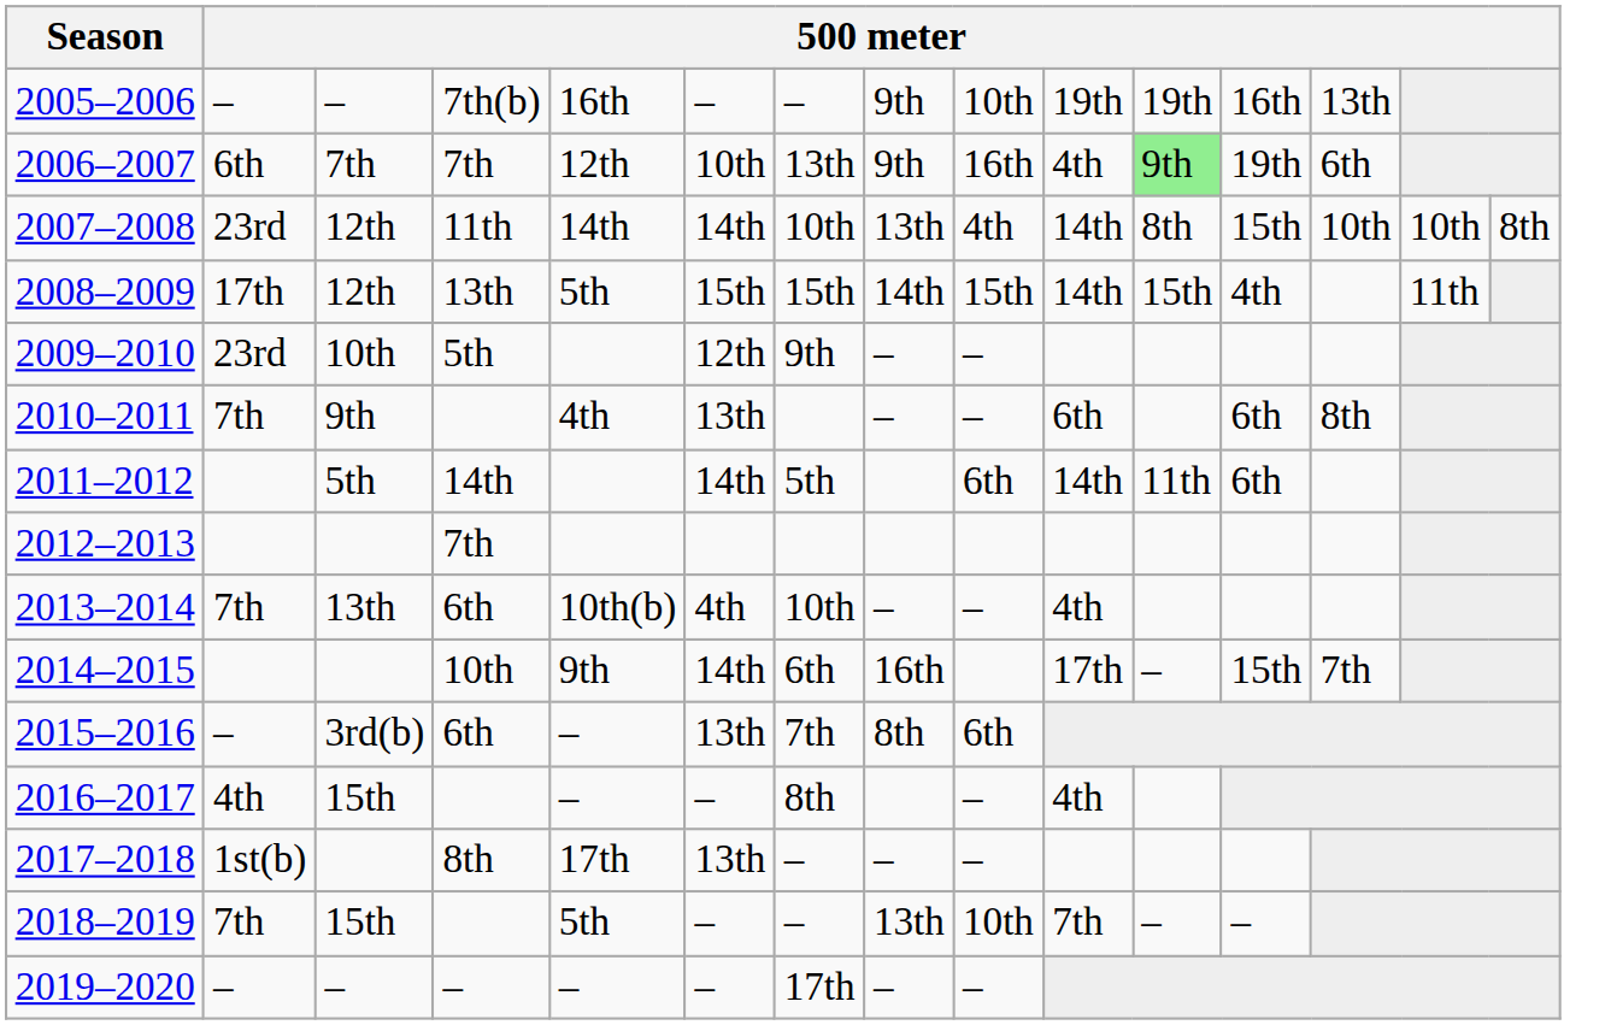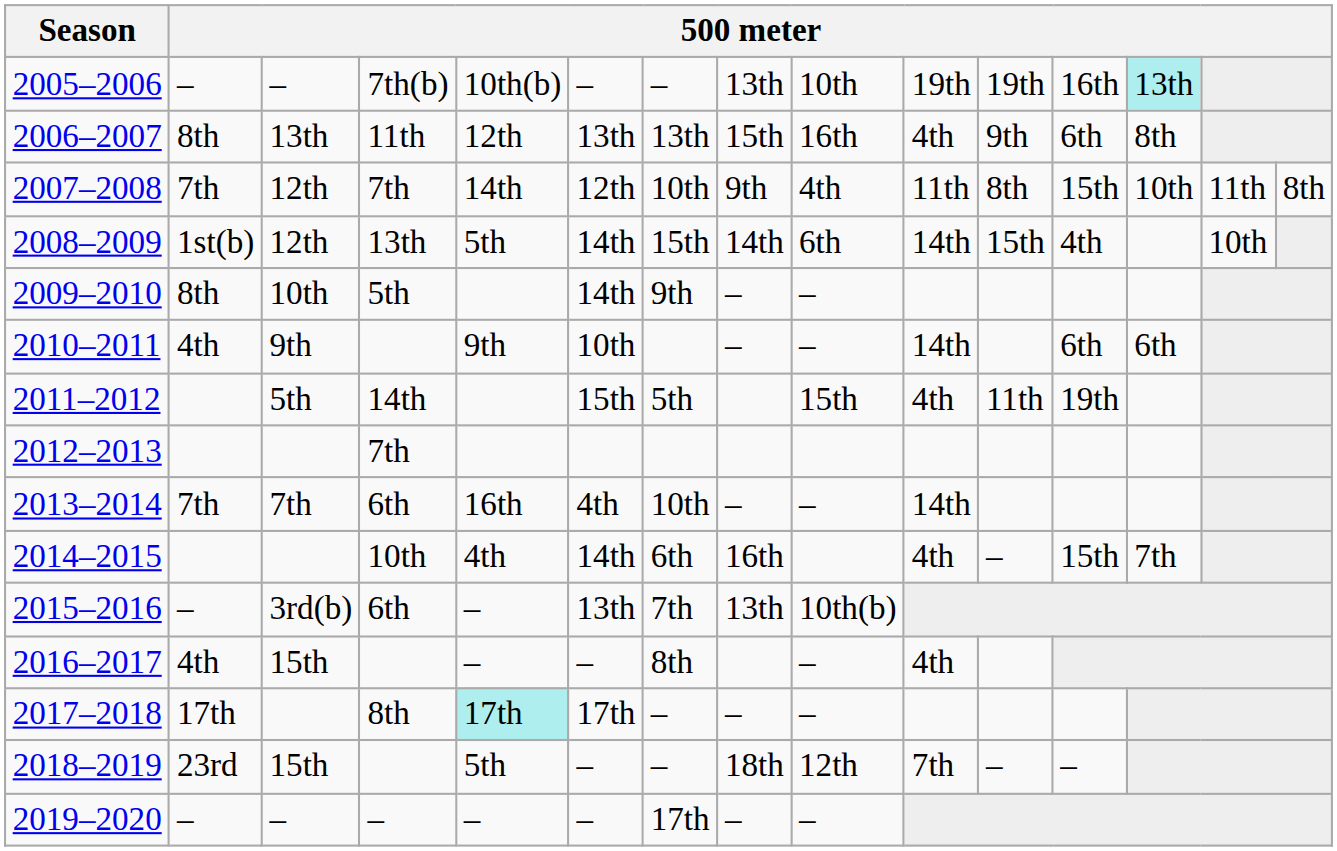 <table class="wikitable" style="display: inline-table;">
 <tr>
 <th>Season</th>
 <th colspan="14">500 meter</th>
 </tr>
 <tr>
 <td><a href='#'>2005–2006</a></td>
 <td>–</td>
 <td>–</td>
 <td>7th(b)</td>
-<td>16th</td>
+<td>10th(b)</td>
 <td>–</td>
 <td>–</td>
-<td>9th</td>
+<td>13th</td>
 <td>10th</td>
 <td>19th</td>
 <td>19th</td>
 <td>16th</td>
-<td>13th</td>
+<td style="background: paleturquoise;">13th</td>
 <td colspan="2" bgcolor=#EEEEEE></td>
 </tr>
 <tr>
 <td><a href='#'>2006–2007</a></td>
-<td>6th</td>
-<td>7th</td>
-<td>7th</td>
+<td>8th</td>
+<td>13th</td>
+<td>11th</td>
 <td>12th</td>
-<td>10th</td>
 <td>13th</td>
-<td>9th</td>
+<td>13th</td>
+<td>15th</td>
 <td>16th</td>
 <td>4th</td>
-<td style="background: lightgreen;">9th</td>
-<td>19th</td>
+<td>9th</td>
 <td>6th</td>
+<td>8th</td>
 <td colspan="2" bgcolor=#EEEEEE></td>
 </tr>
 <tr>
 <td><a href='#'>2007–2008</a></td>
-<td>23rd</td>
+<td>7th</td>
 <td>12th</td>
+<td>7th</td>
+<td>14th</td>
+<td>12th</td>
+<td>10th</td>
+<td>9th</td>
+<td>4th</td>
 <td>11th</td>
-<td>14th</td>
-<td>14th</td>
-<td>10th</td>
-<td>13th</td>
-<td>4th</td>
-<td>14th</td>
 <td>8th</td>
 <td>15th</td>
 <td>10th</td>
-<td>10th</td>
+<td>11th</td>
 <td>8th</td>
 </tr>
 <tr>
 <td><a href='#'>2008–2009</a></td>
-<td>17th</td>
+<td>1st(b)</td>
 <td>12th</td>
 <td>13th</td>
 <td>5th</td>
-<td>15th</td>
+<td>14th</td>
 <td>15th</td>
 <td>14th</td>
-<td>15th</td>
+<td>6th</td>
 <td>14th</td>
 <td>15th</td>
 <td>4th</td>
 <td></td>
-<td>11th</td>
+<td>10th</td>
 <td colspan="1" bgcolor=#EEEEEE></td>
 </tr>
 <tr>
 <td><a href='#'>2009–2010</a></td>
-<td>23rd</td>
+<td>8th</td>
 <td>10th</td>
 <td>5th</td>
 <td></td>
-<td>12th</td>
+<td>14th</td>
 <td>9th</td>
 <td>–</td>
 <td>–</td>
 <td></td>
 <td></td>
 <td></td>
 <td></td>
 <td colspan="2" bgcolor=#EEEEEE></td>
 </tr>
 <tr>
 <td><a href='#'>2010–2011</a></td>
-<td>7th</td>
+<td>4th</td>
 <td>9th</td>
 <td></td>
-<td>4th</td>
-<td>13th</td>
+<td>9th</td>
+<td>10th</td>
 <td></td>
 <td>–</td>
 <td>–</td>
-<td>6th</td>
+<td>14th</td>
 <td></td>
 <td>6th</td>
-<td>8th</td>
+<td>6th</td>
 <td colspan="2" bgcolor=#EEEEEE></td>
 </tr>
 <tr>
 <td><a href='#'>2011–2012</a></td>
 <td></td>
 <td>5th</td>
 <td>14th</td>
 <td></td>
-<td>14th</td>
+<td>15th</td>
 <td>5th</td>
 <td></td>
-<td>6th</td>
-<td>14th</td>
+<td>15th</td>
+<td>4th</td>
 <td>11th</td>
-<td>6th</td>
+<td>19th</td>
 <td></td>
 <td colspan="2" bgcolor=#EEEEEE></td>
 </tr>
 <tr>
 <td><a href='#'>2012–2013</a></td>
 <td></td>
 <td></td>
 <td>7th</td>
 <td></td>
 <td></td>
 <td></td>
 <td></td>
 <td></td>
 <td></td>
 <td></td>
 <td></td>
 <td></td>
 <td colspan="2" bgcolor=#EEEEEE></td>
 </tr>
 <tr>
 <td><a href='#'>2013–2014</a></td>
 <td>7th</td>
-<td>13th</td>
+<td>7th</td>
 <td>6th</td>
-<td>10th(b)</td>
+<td>16th</td>
 <td>4th</td>
 <td>10th</td>
 <td>–</td>
 <td>–</td>
-<td>4th</td>
+<td>14th</td>
 <td></td>
 <td></td>
 <td></td>
 <td colspan="2" bgcolor=#EEEEEE></td>
 </tr>
 <tr>
 <td><a href='#'>2014–2015</a></td>
 <td></td>
 <td></td>
 <td>10th</td>
-<td>9th</td>
+<td>4th</td>
 <td>14th</td>
 <td>6th</td>
 <td>16th</td>
 <td></td>
-<td>17th</td>
+<td>4th</td>
 <td>–</td>
 <td>15th</td>
 <td>7th</td>
 <td colspan="2" bgcolor=#EEEEEE></td>
 </tr>
 <tr>
 <td><a href='#'>2015–2016</a></td>
 <td>–</td>
 <td>3rd(b)</td>
 <td>6th</td>
 <td>–</td>
 <td>13th</td>
 <td>7th</td>
-<td>8th</td>
-<td>6th</td>
+<td>13th</td>
+<td>10th(b)</td>
 <td colspan="6" bgcolor=#EEEEEE></td>
 </tr>
 <tr>
 <td><a href='#'>2016–2017</a></td>
 <td>4th</td>
 <td>15th</td>
 <td></td>
 <td>–</td>
 <td>–</td>
 <td>8th</td>
 <td></td>
 <td>–</td>
 <td>4th</td>
 <td></td>
 <td colspan="4" bgcolor=#EEEEEE></td>
 </tr>
 <tr>
 <td><a href='#'>2017–2018</a></td>
-<td>1st(b)</td>
+<td>17th</td>
 <td></td>
 <td>8th</td>
+<td style="background: paleturquoise;">17th</td>
 <td>17th</td>
-<td>13th</td>
 <td>–</td>
 <td>–</td>
 <td>–</td>
 <td></td>
 <td></td>
 <td></td>
 <td colspan="3" bgcolor=#EEEEEE></td>
 </tr>
 <tr>
 <td><a href='#'>2018–2019</a></td>
-<td>7th</td>
+<td>23rd</td>
 <td>15th</td>
 <td></td>
 <td>5th</td>
 <td>–</td>
 <td>–</td>
-<td>13th</td>
-<td>10th</td>
+<td>18th</td>
+<td>12th</td>
 <td>7th</td>
 <td>–</td>
 <td>–</td>
 <td colspan="3" bgcolor=#EEEEEE></td>
 </tr>
 <tr>
 <td><a href='#'>2019–2020</a></td>
 <td>–</td>
 <td>–</td>
 <td>–</td>
 <td>–</td>
 <td>–</td>
 <td>17th</td>
 <td>–</td>
 <td>–</td>
 <td colspan="6" bgcolor=#EEEEEE></td>
 </tr>
 </table>
